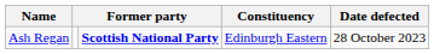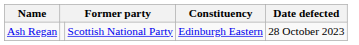 <table class="wikitable sortable">
 <tr>
 <th>Name</th>
 <th colspan="2">Former party</th>
 <th>Constituency</th>
 <th>Date defected</th>
 </tr>
 <tr>
 <td><a href='#'>Ash Regan</a></td>
 <td style="background-color: "></td>
-<td><strong><a href='#'>Scottish National Party</a></strong></td>
+<td><a href='#'>Scottish National Party</a></td>
 <td><a href='#'>Edinburgh Eastern</a></td>
 <td>28 October 2023</td>
 </tr>
 </table>
